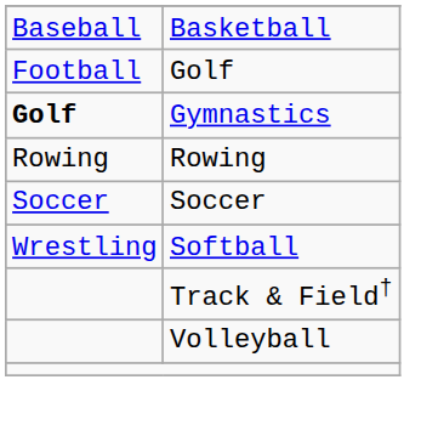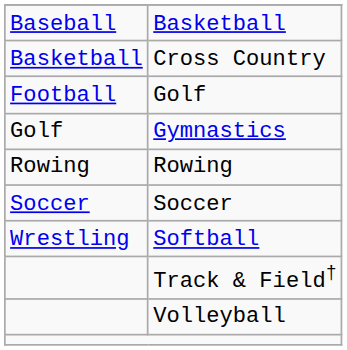 <table class="wikitable" style= " ">
 <tr>
 </tr>
 <tr>
 <td><a href='#'>Baseball</a></td>
 <td><a href='#'>Basketball</a></td>
 </tr>
 <tr>
+<td><a href='#'>Basketball</a></td>
+<td>Cross Country</td>
+</tr>
+<tr>
 <td><a href='#'>Football</a></td>
 <td>Golf</td>
 </tr>
 <tr>
-<td><strong>Golf</strong></td>
+<td>Golf</td>
 <td><a href='#'>Gymnastics</a></td>
 </tr>
 <tr>
 <td>Rowing</td>
 <td>Rowing</td>
 </tr>
 <tr>
 <td><a href='#'>Soccer</a></td>
 <td>Soccer</td>
 </tr>
 <tr>
 <td><a href='#'>Wrestling</a></td>
 <td><a href='#'>Softball</a></td>
 </tr>
 <tr>
 <td></td>
 <td>Track & Field<sup>†</sup></td>
 </tr>
 <tr>
 <td></td>
 <td>Volleyball</td>
 </tr>
 <tr>
 <td colspan="2"></td>
 </tr>
 </table>
